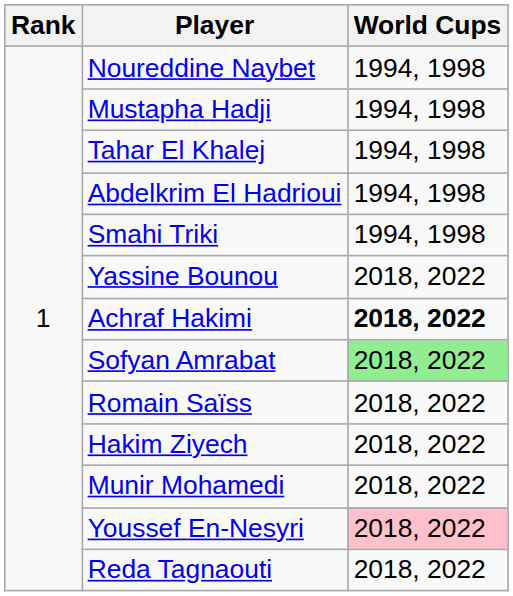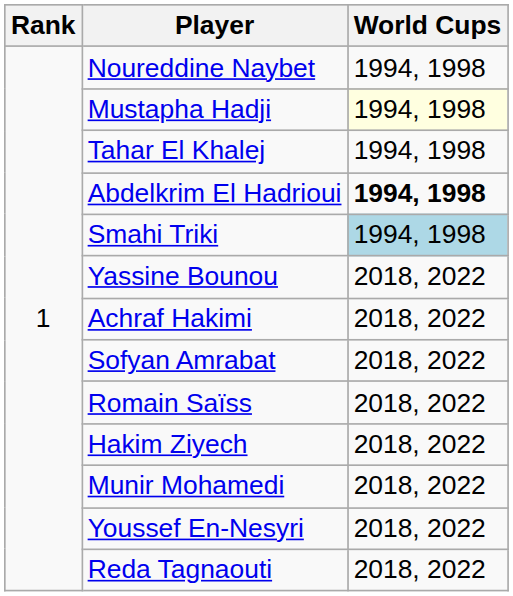 <table class="wikitable">
 <tr>
 <th>Rank</th>
 <th>Player</th>
 <th>World Cups</th>
 </tr>
 <tr>
 <td rowspan="13" align="center">1</td>
 <td><a href='#'>Noureddine Naybet</a></td>
 <td>1994, 1998</td>
 </tr>
 <tr>
 <td><a href='#'>Mustapha Hadji</a></td>
-<td>1994, 1998</td>
+<td style="background: lightyellow;">1994, 1998</td>
 </tr>
 <tr>
 <td><a href='#'>Tahar El Khalej</a></td>
 <td>1994, 1998</td>
 </tr>
 <tr>
 <td><a href='#'>Abdelkrim El Hadrioui</a></td>
-<td>1994, 1998</td>
+<td><strong>1994, 1998</strong></td>
 </tr>
 <tr>
 <td><a href='#'>Smahi Triki</a></td>
-<td>1994, 1998</td>
+<td style="background: lightblue;">1994, 1998</td>
 </tr>
 <tr>
 <td><a href='#'>Yassine Bounou</a></td>
 <td>2018, 2022</td>
 </tr>
 <tr>
 <td><a href='#'>Achraf Hakimi</a></td>
-<td><strong>2018, 2022</strong></td>
+<td>2018, 2022</td>
 </tr>
 <tr>
 <td><a href='#'>Sofyan Amrabat</a></td>
-<td style="background: lightgreen;">2018, 2022</td>
+<td>2018, 2022</td>
 </tr>
 <tr>
 <td><a href='#'>Romain Saïss</a></td>
 <td>2018, 2022</td>
 </tr>
 <tr>
 <td><a href='#'>Hakim Ziyech</a></td>
 <td>2018, 2022</td>
 </tr>
 <tr>
 <td><a href='#'>Munir Mohamedi</a></td>
 <td>2018, 2022</td>
 </tr>
 <tr>
 <td><a href='#'>Youssef En-Nesyri</a></td>
-<td style="background: pink;">2018, 2022</td>
+<td>2018, 2022</td>
 </tr>
 <tr>
 <td><a href='#'>Reda Tagnaouti</a></td>
 <td>2018, 2022</td>
 </tr>
 </table>
